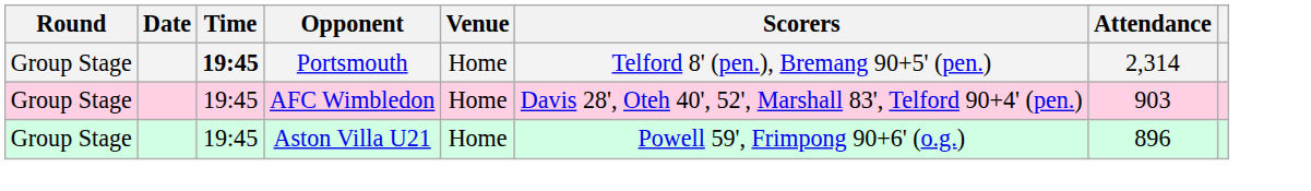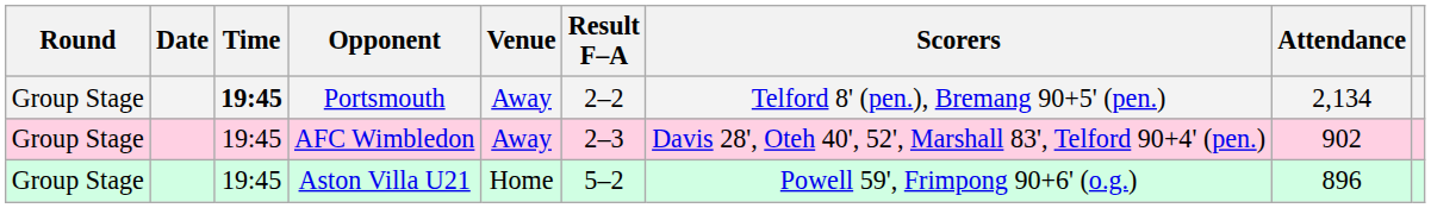 <table class="wikitable sortable" style="text-align:center">
 <tr>
 <th>Round</th>
 <th>Date</th>
 <th>Time</th>
 <th>Opponent</th>
 <th>Venue</th>
+<th>Result<br>F–A</th>
 <th class="unsortable">Scorers</th>
 <th>Attendance</th>
 <th class="unsortable"></th>
 </tr>
 <tr bgcolor="#f3f3f3">
 <td>Group Stage</td>
 <td></td>
 <td><strong>19:45</strong></td>
 <td><a href='#'>Portsmouth</a></td>
-<td>Home</td>
+<td><a href='#'>Away</a></td>
+<td>2–2 </td>
 <td><a href='#'>Telford</a> 8' (<a href='#'>pen.</a>), <a href='#'>Bremang</a> 90+5' (<a href='#'>pen.</a>)</td>
-<td>2,314</td>
+<td>2,134</td>
 <td></td>
 </tr>
 <tr bgcolor="#ffd0e3">
 <td>Group Stage</td>
 <td></td>
 <td>19:45</td>
 <td><a href='#'>AFC Wimbledon</a></td>
-<td>Home</td>
+<td><a href='#'>Away</a></td>
+<td>2–3</td>
 <td><a href='#'>Davis</a> 28', <a href='#'>Oteh</a> 40', 52', <a href='#'>Marshall</a> 83', <a href='#'>Telford</a> 90+4' (<a href='#'>pen.</a>)</td>
-<td>903</td>
+<td>902</td>
 <td></td>
 </tr>
 <tr bgcolor="#d0ffe3">
 <td>Group Stage</td>
 <td></td>
 <td>19:45</td>
 <td><a href='#'>Aston Villa U21</a></td>
 <td>Home</td>
+<td>5–2</td>
 <td><a href='#'>Powell</a> 59', <a href='#'>Frimpong</a> 90+6' (<a href='#'>o.g.</a>)</td>
 <td>896</td>
 <td></td>
 </tr>
 </table>
